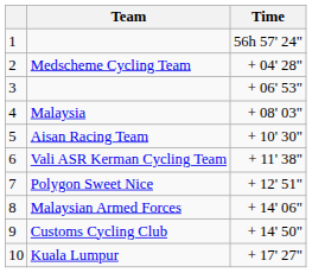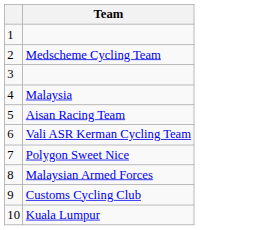 <table class=wikitable>
 <tr>
 <th></th>
 <th>Team</th>
-<th>Time</th>
 </tr>
 <tr>
 <td>1</td>
 <td></td>
-<td align=right>56h 57' 24"</td>
 </tr>
 <tr>
 <td>2</td>
 <td><a href='#'>Medscheme Cycling Team</a></td>
-<td align=right>+ 04' 28"</td>
 </tr>
 <tr>
 <td>3</td>
 <td></td>
-<td align=right>+ 06' 53"</td>
 </tr>
 <tr>
 <td>4</td>
 <td><a href='#'>Malaysia</a></td>
-<td align=right>+ 08' 03"</td>
 </tr>
 <tr>
 <td>5</td>
 <td><a href='#'>Aisan Racing Team</a></td>
-<td align=right>+ 10' 30"</td>
 </tr>
 <tr>
 <td>6</td>
 <td><a href='#'>Vali ASR Kerman Cycling Team</a></td>
-<td align=right>+ 11' 38"</td>
 </tr>
 <tr>
 <td>7</td>
 <td><a href='#'>Polygon Sweet Nice</a></td>
-<td align=right>+ 12' 51"</td>
 </tr>
 <tr>
 <td>8</td>
 <td><a href='#'>Malaysian Armed Forces</a></td>
-<td align=right>+ 14' 06"</td>
 </tr>
 <tr>
 <td>9</td>
 <td><a href='#'>Customs Cycling Club</a></td>
-<td align=right>+ 14' 50"</td>
 </tr>
 <tr>
 <td>10</td>
 <td><a href='#'>Kuala Lumpur</a></td>
-<td align=right>+ 17' 27"</td>
 </tr>
 </table>
